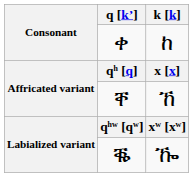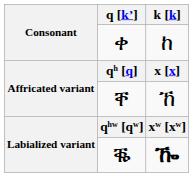 <table class="wikitable floatleft" style="text-align:center">
 <tr>
 <th rowspan="2">Consonant</th>
 <th><big>q [<a href='#'>kʼ</a>]</big></th>
 <th><big>k [<a href='#'>k</a>]</big></th>
 </tr>
 <tr style="font-size:2em">
 <td>ቀ</td>
 <td>ከ</td>
 </tr>
 <tr>
 <th rowspan="2">Affricated variant</th>
 <th><big>qʰ [<a href='#'>q</a>]</big></th>
 <th><big>x [<a href='#'>x</a>]</big></th>
 </tr>
 <tr style="font-size:2em">
 <td>ቐ</td>
 <td>ኸ</td>
 </tr>
 <tr>
 <th rowspan="2">Labialized variant</th>
 <th><big>qʰʷ [qʷ]</big></th>
 <th><big>xʷ [xʷ]</big></th>
 </tr>
 <tr style="font-size:2em">
 <td>ቘ</td>
-<td>ዀ</td>
+<td><strong>ዀ</strong></td>
 </tr>
 </table>
